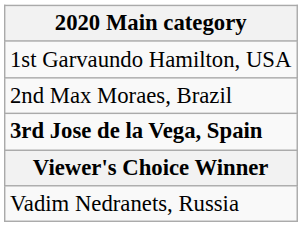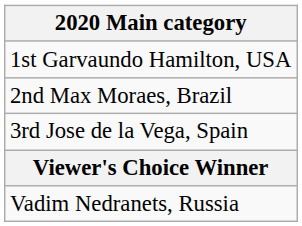 <table class="wikitable" style="float:left; margin-right:1em">
 <tr>
 <th>2020 Main category</th>
 </tr>
 <tr>
 <td>1st Garvaundo Hamilton, USA</td>
 </tr>
 <tr>
 <td>2nd Max Moraes, Brazil</td>
 </tr>
 <tr>
-<td><strong>3rd Jose de la Vega, Spain</strong></td>
+<td>3rd Jose de la Vega, Spain</td>
 </tr>
 <tr>
 <th>Viewer's Choice Winner</th>
 </tr>
 <tr>
 <td>Vadim Nedranets, Russia</td>
 </tr>
 </table>
